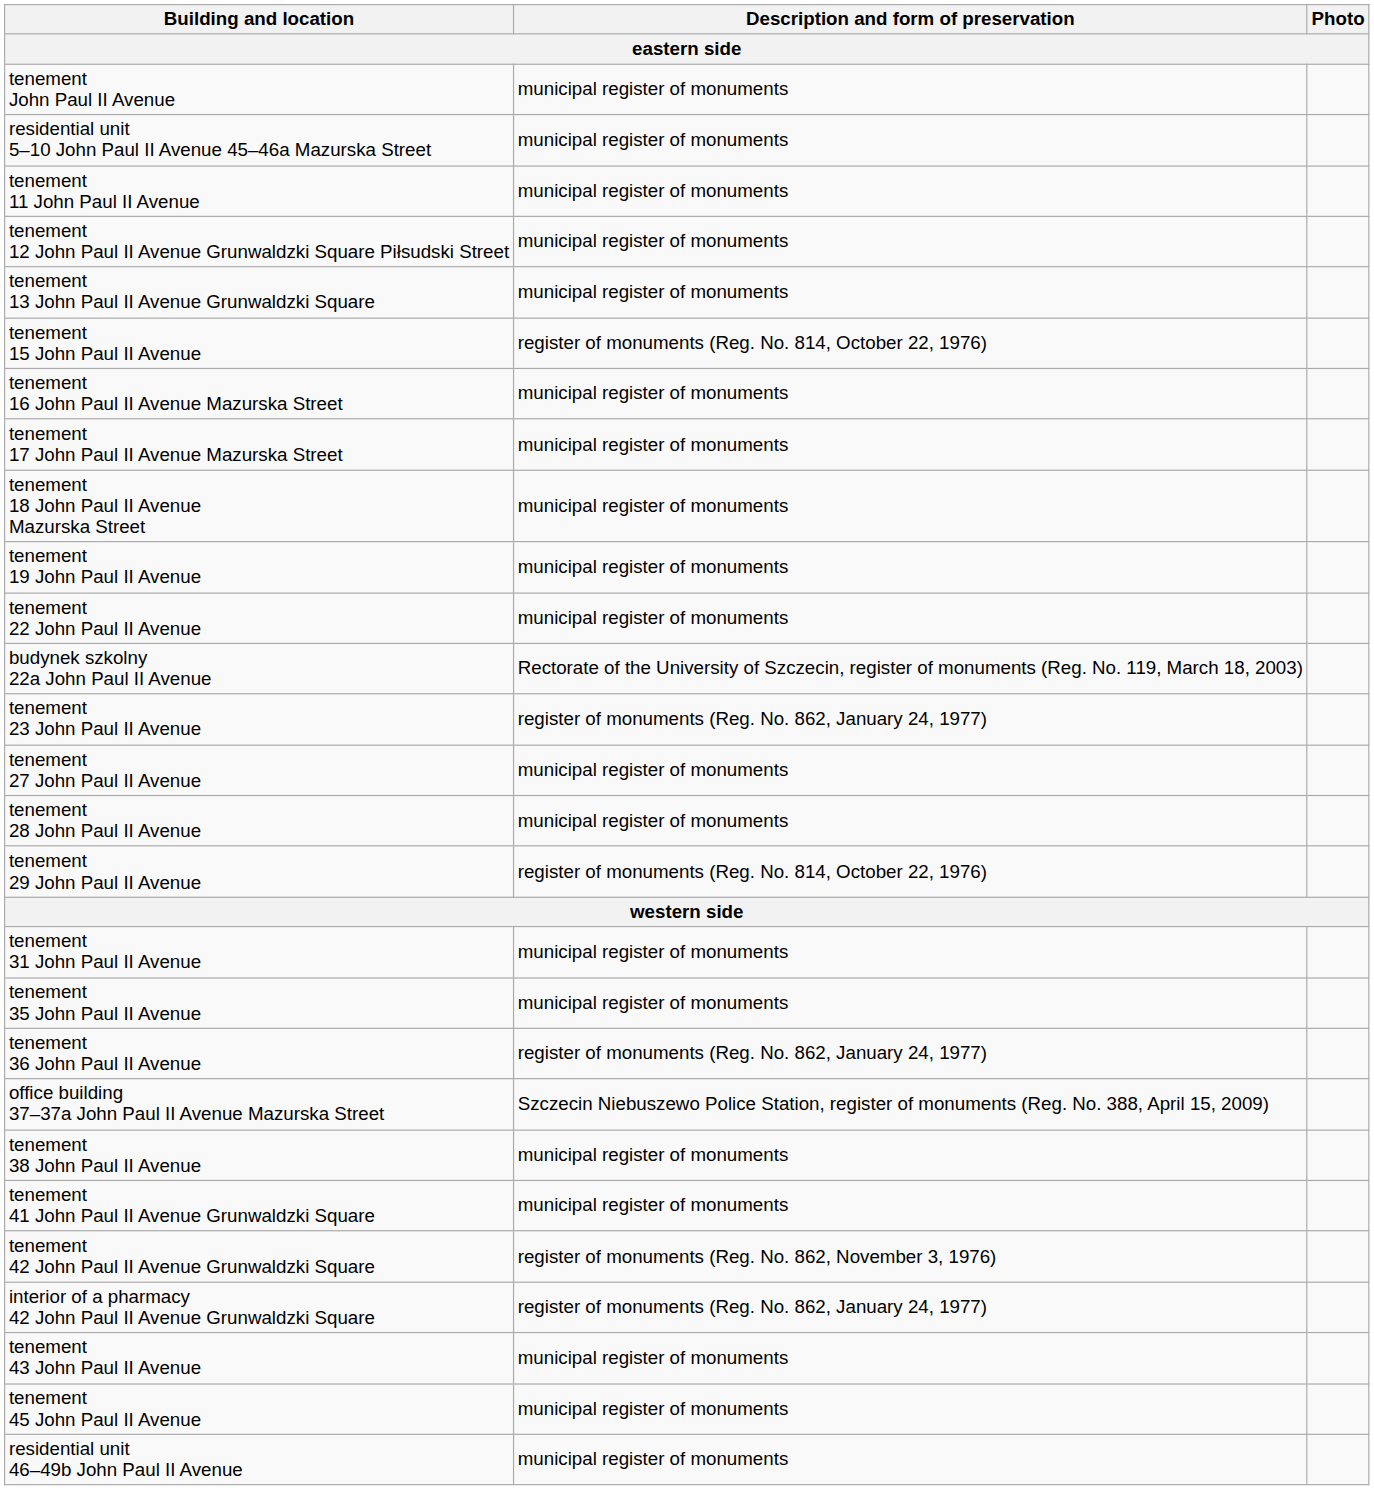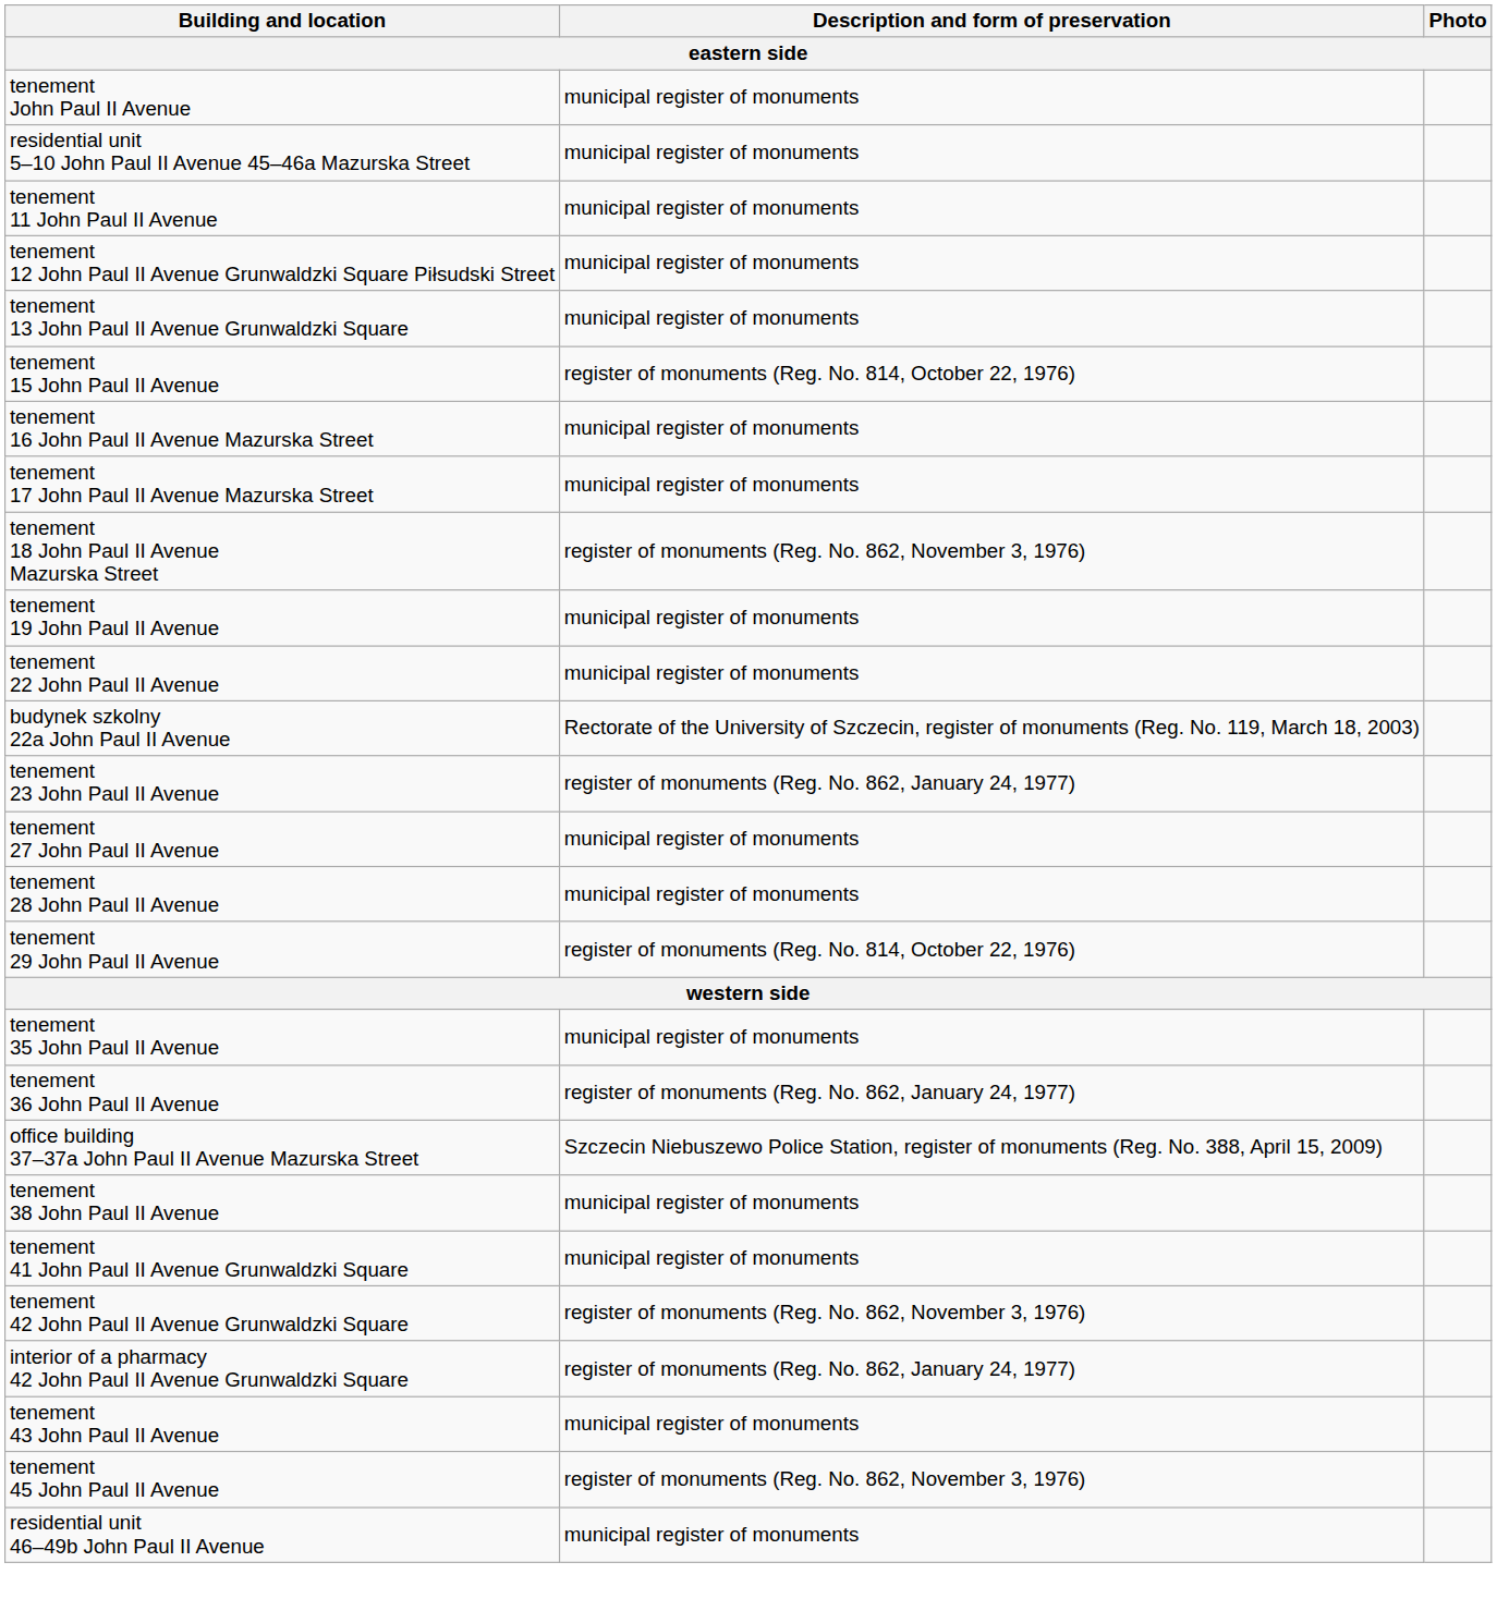 <table class="wikitable">
 <tr>
 <th>Building and location</th>
 <th>Description and form of preservation</th>
 <th>Photo</th>
 </tr>
 <tr>
 <th colspan="3" style="text-align:center">eastern side</th>
 </tr>
 <tr>
 <td>tenement<br>John Paul II Avenue</td>
 <td>municipal register of monuments</td>
 <td></td>
 </tr>
 <tr>
 <td>residential unit<br>5–10 John Paul II Avenue 45–46a Mazurska Street</td>
 <td>municipal register of monuments</td>
 <td></td>
 </tr>
 <tr>
 <td>tenement<br>11 John Paul II Avenue</td>
 <td>municipal register of monuments</td>
 <td></td>
 </tr>
 <tr>
 <td>tenement<br>12 John Paul II Avenue Grunwaldzki Square Piłsudski Street</td>
 <td>municipal register of monuments</td>
 <td></td>
 </tr>
 <tr>
 <td>tenement<br>13 John Paul II Avenue Grunwaldzki Square</td>
 <td>municipal register of monuments</td>
 <td></td>
 </tr>
 <tr>
 <td>tenement<br>15 John Paul II Avenue</td>
 <td>register of monuments (Reg. No. 814, October 22, 1976)</td>
 <td></td>
 </tr>
 <tr>
 <td>tenement<br>16 John Paul II Avenue Mazurska Street</td>
 <td>municipal register of monuments</td>
 <td></td>
 </tr>
 <tr>
 <td>tenement<br>17 John Paul II Avenue Mazurska Street</td>
 <td>municipal register of monuments</td>
 <td></td>
 </tr>
 <tr>
 <td>tenement<br>18 John Paul II Avenue<br>Mazurska Street</td>
-<td>municipal register of monuments</td>
+<td>register of monuments (Reg. No. 862, November 3, 1976)</td>
 <td></td>
 </tr>
 <tr>
 <td>tenement<br>19 John Paul II Avenue</td>
 <td>municipal register of monuments</td>
 <td></td>
 </tr>
 <tr>
 <td>tenement<br>22 John Paul II Avenue</td>
 <td>municipal register of monuments</td>
 <td></td>
 </tr>
 <tr>
 <td>budynek szkolny<br>22a John Paul II Avenue</td>
 <td>Rectorate of the University of Szczecin, register of monuments (Reg. No. 119, March 18, 2003)</td>
 <td></td>
 </tr>
 <tr>
 <td>tenement<br>23 John Paul II Avenue</td>
 <td>register of monuments (Reg. No. 862, January 24, 1977)</td>
 <td></td>
 </tr>
 <tr>
 <td>tenement<br>27 John Paul II Avenue</td>
 <td>municipal register of monuments</td>
 <td></td>
 </tr>
 <tr>
 <td>tenement<br>28 John Paul II Avenue</td>
 <td>municipal register of monuments</td>
 <td></td>
 </tr>
 <tr>
 <td>tenement<br>29 John Paul II Avenue</td>
 <td>register of monuments (Reg. No. 814, October 22, 1976)</td>
 <td></td>
 </tr>
 <tr>
 <th colspan="3" style="text-align:center">western side</th>
-</tr>
-<tr>
-<td>tenement<br>31 John Paul II Avenue</td>
-<td>municipal register of monuments</td>
-<td></td>
 </tr>
 <tr>
 <td>tenement<br>35 John Paul II Avenue</td>
 <td>municipal register of monuments</td>
 <td></td>
 </tr>
 <tr>
 <td>tenement<br>36 John Paul II Avenue</td>
 <td>register of monuments (Reg. No. 862, January 24, 1977)</td>
 <td></td>
 </tr>
 <tr>
 <td>office building<br>37–37a John Paul II Avenue Mazurska Street</td>
 <td>Szczecin Niebuszewo Police Station, register of monuments (Reg. No. 388, April 15, 2009)</td>
 <td></td>
 </tr>
 <tr>
 <td>tenement<br>38 John Paul II Avenue</td>
 <td>municipal register of monuments</td>
 <td></td>
 </tr>
 <tr>
 <td>tenement<br>41 John Paul II Avenue Grunwaldzki Square</td>
 <td>municipal register of monuments</td>
 <td></td>
 </tr>
 <tr>
 <td>tenement<br>42 John Paul II Avenue Grunwaldzki Square</td>
 <td>register of monuments (Reg. No. 862, November 3, 1976)</td>
 <td></td>
 </tr>
 <tr>
 <td>interior of a pharmacy<br>42 John Paul II Avenue Grunwaldzki Square</td>
 <td>register of monuments (Reg. No. 862, January 24, 1977)</td>
 <td></td>
 </tr>
 <tr>
 <td>tenement<br>43 John Paul II Avenue</td>
 <td>municipal register of monuments</td>
 <td></td>
 </tr>
 <tr>
 <td>tenement<br>45 John Paul II Avenue</td>
-<td>municipal register of monuments</td>
+<td>register of monuments (Reg. No. 862, November 3, 1976)</td>
 <td></td>
 </tr>
 <tr>
 <td>residential unit<br>46–49b John Paul II Avenue</td>
 <td>municipal register of monuments</td>
 <td></td>
 </tr>
 </table>
